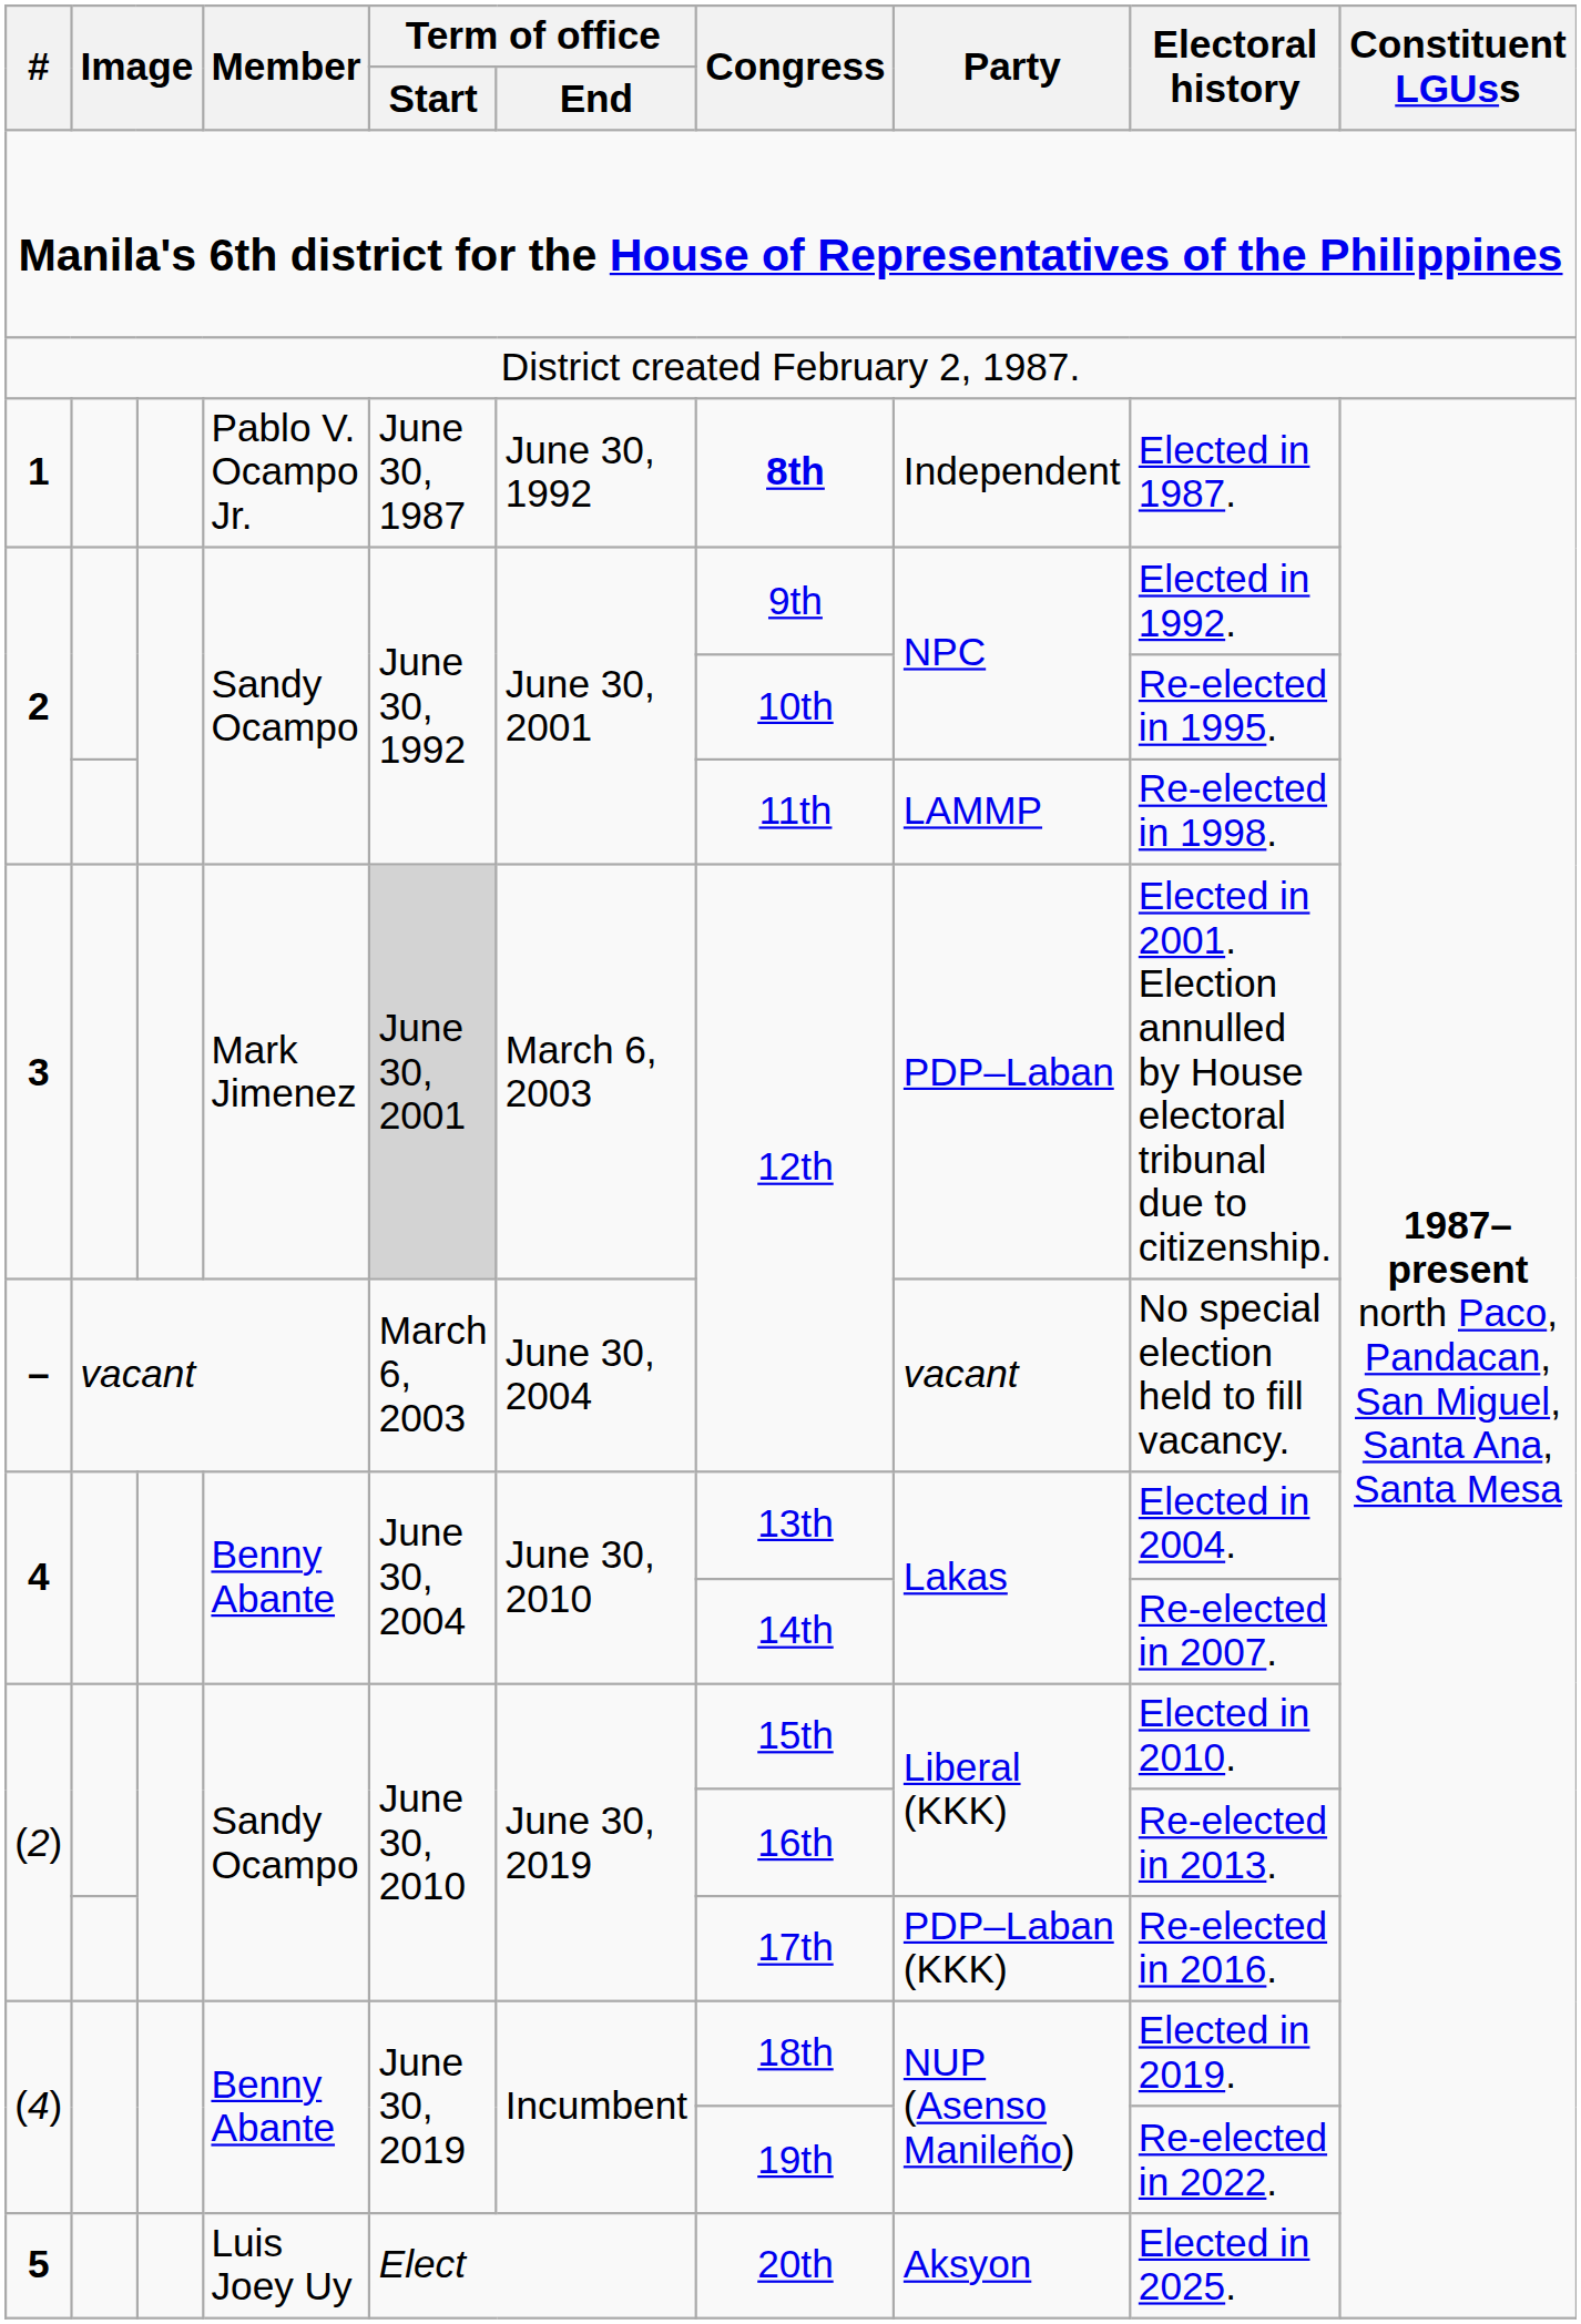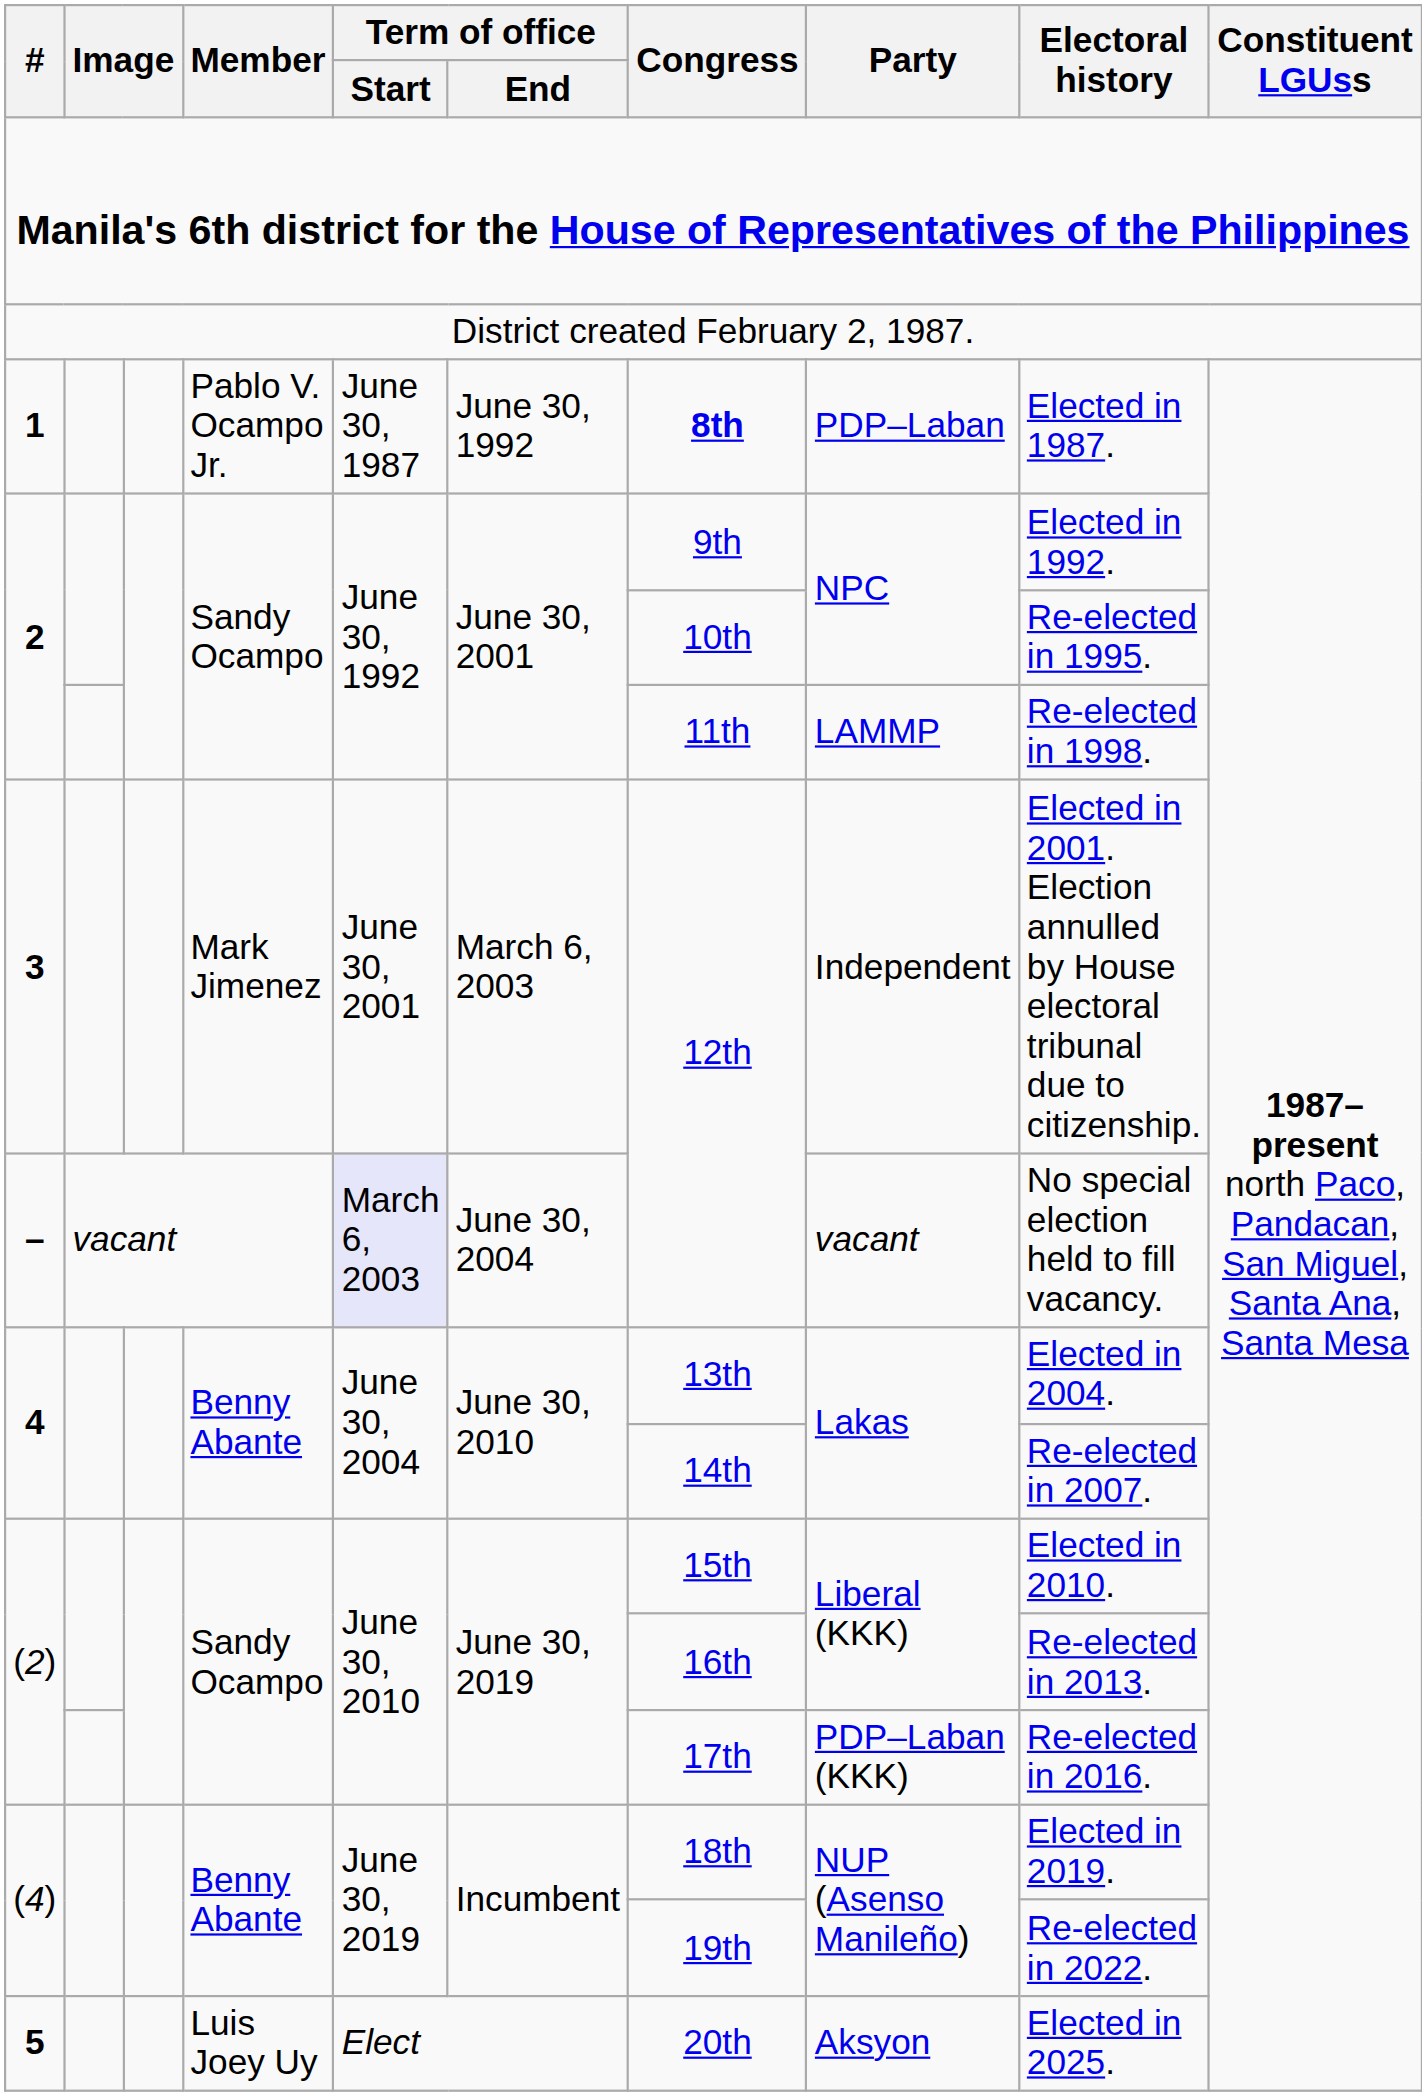 <table class=wikitable>
 <tr>
 <th rowspan="2">#</th>
 <th rowspan="2" colspan=2>Image</th>
 <th rowspan="2">Member</th>
 <th colspan=2>Term of office</th>
 <th rowspan="2">Congress</th>
 <th rowspan="2">Party</th>
 <th rowspan="2">Electoral history</th>
 <th rowspan="2">Constituent<br><a href='#'>LGUs</a>s</th>
 </tr>
 <tr>
 <th>Start</th>
 <th>End</th>
 </tr>
 <tr>
 <td colspan="10" style="text-align:center;"><br><h3>Manila's 6th district for the <a href='#'>House of Representatives of the Philippines</a></h3></td>
 </tr>
 <tr>
 <td colspan="10" style="text-align:center;">District created February 2, 1987.</td>
 </tr>
 <tr>
 <td style="text-align:center;"><strong>1</strong></td>
 <td style="color:inherit;background:"></td>
 <td></td>
 <td>Pablo V. Ocampo Jr.</td>
 <td>June 30, 1987</td>
 <td>June 30, 1992</td>
 <td style="text-align:center;"><strong><a href='#'>8th</a></strong></td>
-<td>Independent</td>
+<td><a href='#'>PDP–Laban</a></td>
 <td><a href='#'>Elected in 1987</a>.</td>
 <td rowspan="14" style="text-align:center;"><strong>1987–present</strong><br>north <a href='#'>Paco</a>, <a href='#'>Pandacan</a>, <a href='#'>San Miguel</a>, <a href='#'>Santa Ana</a>, <a href='#'>Santa Mesa</a></td>
 </tr>
 <tr>
 <td rowspan="3" style="text-align:center;"><strong>2</strong></td>
 <td rowspan="2" style="color:inherit;background:"></td>
 <td rowspan="3"></td>
 <td rowspan="3">Sandy Ocampo</td>
 <td rowspan="3">June 30, 1992</td>
 <td rowspan="3">June 30, 2001</td>
 <td style="text-align:center;"><a href='#'>9th</a></td>
 <td rowspan="2"><a href='#'>NPC</a></td>
 <td><a href='#'>Elected in 1992</a>.</td>
 </tr>
 <tr>
 <td style="text-align:center;"><a href='#'>10th</a></td>
 <td><a href='#'>Re-elected in 1995</a>.</td>
 </tr>
 <tr>
 <td style="color:inherit;background:"></td>
 <td style="text-align:center;"><a href='#'>11th</a></td>
 <td><a href='#'>LAMMP</a></td>
 <td><a href='#'>Re-elected in 1998</a>.</td>
 </tr>
 <tr>
 <td style="text-align:center;"><strong>3</strong></td>
 <td style="color:inherit;background:"></td>
 <td></td>
 <td>Mark Jimenez</td>
-<td style="background: lightgrey;">June 30, 2001</td>
+<td>June 30, 2001</td>
 <td>March 6, 2003</td>
 <td rowspan="2" style="text-align:center;"><a href='#'>12th</a></td>
-<td><a href='#'>PDP–Laban</a></td>
+<td>Independent</td>
 <td><a href='#'>Elected in 2001</a>.<br>Election annulled by House electoral tribunal due to citizenship.</td>
 </tr>
 <tr>
 <td style="text-align:center;"><strong>–</strong></td>
 <td colspan=3><em>vacant</em></td>
-<td>March 6, 2003</td>
+<td style="background: lavender;">March 6, 2003</td>
 <td>June 30, 2004</td>
 <td><em>vacant</em></td>
 <td>No special election held to fill vacancy.</td>
 </tr>
 <tr>
 <td rowspan="2" style="text-align:center;"><strong>4</strong></td>
 <td rowspan="2" style="color:inherit;background:"></td>
 <td rowspan="2"></td>
 <td rowspan="2"><a href='#'>Benny Abante</a></td>
 <td rowspan="2">June 30, 2004</td>
 <td rowspan="2">June 30, 2010</td>
 <td style="text-align:center;"><a href='#'>13th</a></td>
 <td rowspan="2"><a href='#'>Lakas</a></td>
 <td><a href='#'>Elected in 2004</a>.</td>
 </tr>
 <tr>
 <td style="text-align:center;"><a href='#'>14th</a></td>
 <td><a href='#'>Re-elected in 2007</a>.</td>
 </tr>
 <tr>
 <td rowspan="3" style="text-align:center;">(<em>2</em>)</td>
 <td rowspan="2" style="color:inherit;background:"></td>
 <td rowspan="3"></td>
 <td rowspan="3">Sandy Ocampo</td>
 <td rowspan="3">June 30, 2010</td>
 <td rowspan="3">June 30, 2019</td>
 <td style="text-align:center;"><a href='#'>15th</a></td>
 <td rowspan="2"><a href='#'>Liberal</a><br>(KKK)</td>
 <td><a href='#'>Elected in 2010</a>.</td>
 </tr>
 <tr>
 <td style="text-align:center;"><a href='#'>16th</a></td>
 <td><a href='#'>Re-elected in 2013</a>.</td>
 </tr>
 <tr>
 <td style="color:inherit;background:"></td>
 <td style="text-align:center;"><a href='#'>17th</a></td>
 <td><a href='#'>PDP–Laban</a><br>(KKK)</td>
 <td><a href='#'>Re-elected in 2016</a>.</td>
 </tr>
 <tr>
 <td rowspan="2" style="text-align:center;">(<em>4</em>)</td>
 <td rowspan="2" style="color:inherit;background:"></td>
 <td rowspan="2"></td>
 <td rowspan="2"><a href='#'>Benny Abante</a></td>
 <td rowspan="2">June 30, 2019</td>
 <td rowspan="2">Incumbent</td>
 <td style="text-align:center;"><a href='#'>18th</a></td>
 <td rowspan="2"><a href='#'>NUP</a><br>(<a href='#'>Asenso Manileño</a>)</td>
 <td><a href='#'>Elected in 2019</a>.</td>
 </tr>
 <tr>
 <td style="text-align:center;"><a href='#'>19th</a></td>
 <td><a href='#'>Re-elected in 2022</a>.</td>
 </tr>
 <tr>
 <td style="text-align:center;"><strong>5</strong></td>
 <td style="color:inherit;background:"></td>
 <td></td>
 <td>Luis Joey Uy<br></td>
 <td colspan="2"><em>Elect</em></td>
 <td style="text-align:center;"><a href='#'>20th</a></td>
 <td><a href='#'>Aksyon</a></td>
 <td><a href='#'>Elected in 2025</a>.</td>
 </tr>
 </table>
